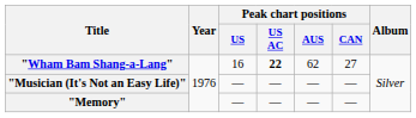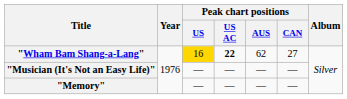 <table class="wikitable plainrowheaders" style="text-align:center;">
 <tr>
 <th rowspan="2">Title</th>
 <th rowspan="2">Year</th>
 <th colspan="4">Peak chart positions</th>
 <th rowspan="2">Album</th>
 </tr>
 <tr>
 <th scope="col" style="width:3em;font-size:90%;"><a href='#'>US</a><br></th>
 <th scope="col" style="width:3em;font-size:90%;"><a href='#'>US<br>AC</a><br></th>
 <th scope="col" style="width:3em;font-size:90%;"><a href='#'>AUS</a><br></th>
 <th scope="col" style="width:3em;font-size:90%;"><a href='#'>CAN</a><br></th>
 </tr>
 <tr>
 <th scope="row">"<a href='#'>Wham Bam Shang-a-Lang</a>"</th>
 <td rowspan="3">1976</td>
-<td>16</td>
+<td style="background: gold;">16</td>
 <td><strong>22</strong></td>
 <td>62</td>
 <td>27</td>
 <td rowspan="3"><em>Silver</em></td>
 </tr>
 <tr>
 <th scope="row">"Musician (It's Not an Easy Life)"</th>
 <td>—</td>
 <td>—</td>
 <td>—</td>
 <td>—</td>
 </tr>
 <tr>
 <th scope="row">"Memory"</th>
 <td>—</td>
 <td>—</td>
 <td>—</td>
 <td>—</td>
 </tr>
 </table>
